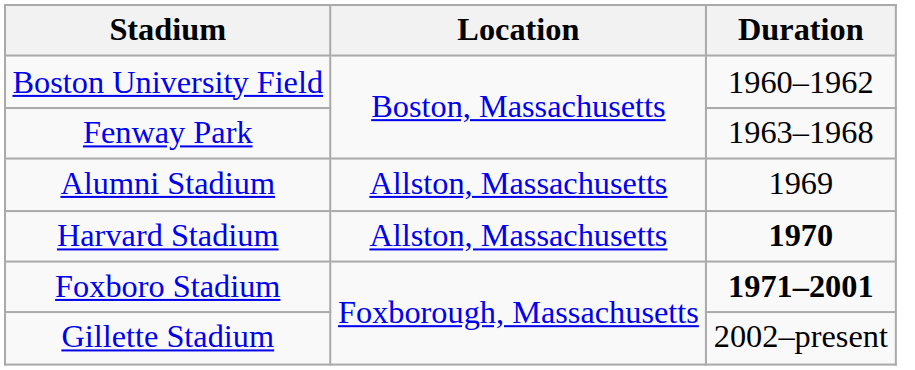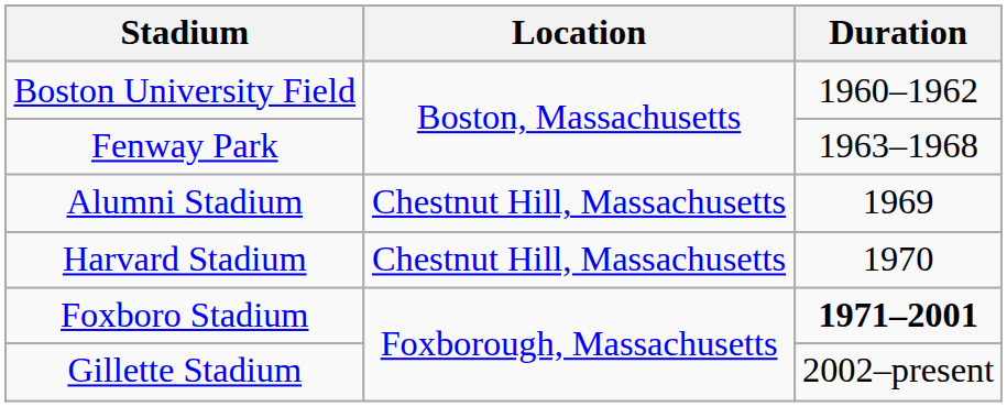 <table class="wikitable" style="text-align:center;">
 <tr>
 <th>Stadium</th>
 <th>Location</th>
 <th>Duration</th>
 </tr>
 <tr>
 <td><a href='#'>Boston University Field</a></td>
 <td rowspan=2><a href='#'>Boston, Massachusetts</a></td>
 <td>1960–1962</td>
 </tr>
 <tr>
 <td><a href='#'>Fenway Park</a></td>
 <td>1963–1968</td>
 </tr>
 <tr>
 <td><a href='#'>Alumni Stadium</a></td>
-<td><a href='#'>Allston, Massachusetts</a></td>
+<td><a href='#'>Chestnut Hill, Massachusetts</a></td>
 <td>1969</td>
 </tr>
 <tr>
 <td><a href='#'>Harvard Stadium</a></td>
-<td><a href='#'>Allston, Massachusetts</a></td>
-<td><strong>1970</strong></td>
+<td><a href='#'>Chestnut Hill, Massachusetts</a></td>
+<td>1970</td>
 </tr>
 <tr>
 <td><a href='#'>Foxboro Stadium</a></td>
 <td rowspan=2><a href='#'>Foxborough, Massachusetts</a></td>
 <td><strong>1971–2001</strong></td>
 </tr>
 <tr>
 <td><a href='#'>Gillette Stadium</a></td>
 <td>2002–present</td>
 </tr>
 </table>
